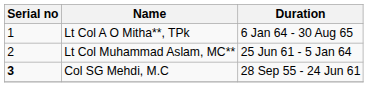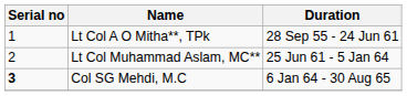 <table class="wikitable">
 <tr>
 <th>Serial no</th>
 <th>Name</th>
 <th>Duration</th>
 </tr>
 <tr>
 <td>1</td>
 <td>Lt Col A O Mitha**, TPk</td>
-<td>6 Jan 64 - 30 Aug 65</td>
+<td>28 Sep 55 - 24 Jun 61</td>
 </tr>
 <tr>
 <td>2</td>
 <td>Lt Col Muhammad Aslam, MC**</td>
 <td>25 Jun 61 - 5 Jan 64</td>
 </tr>
 <tr>
 <td><strong>3</strong></td>
 <td>Col  SG Mehdi, M.C</td>
-<td>28 Sep 55 - 24 Jun 61</td>
+<td>6 Jan 64 - 30 Aug 65</td>
 </tr>
 <tr>
 </tr>
 </table>
